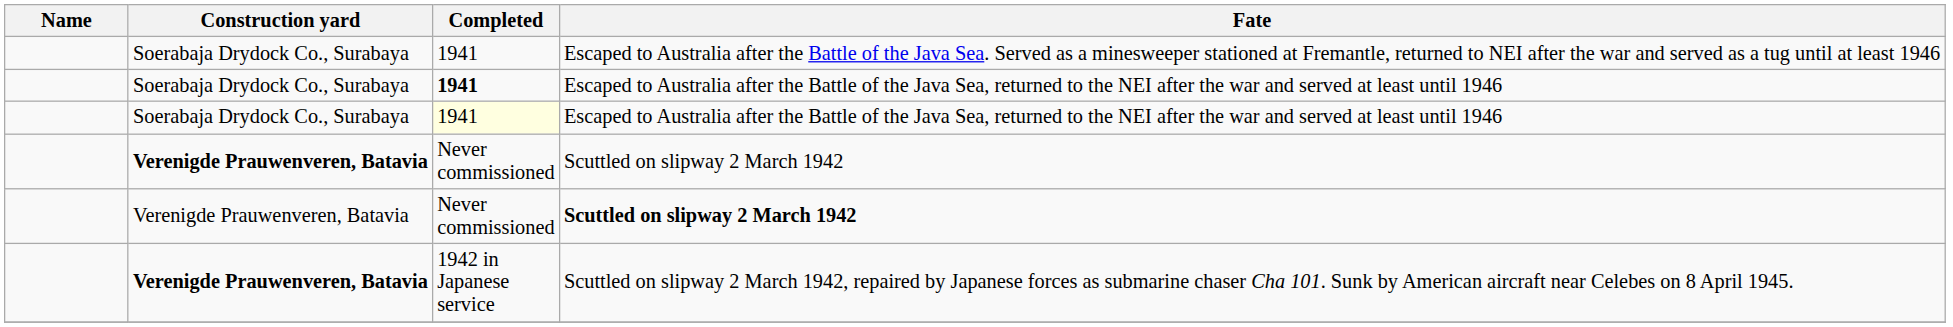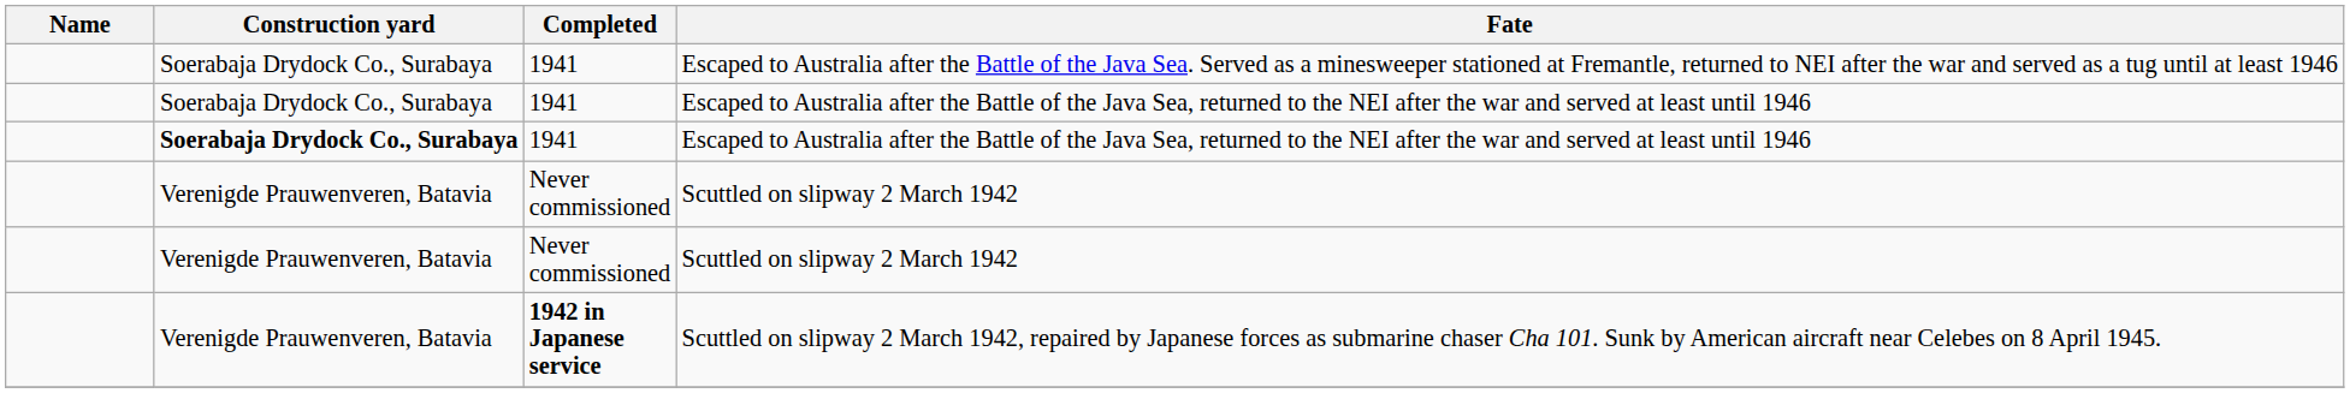 <table class="wikitable">
 <tr>
 <th width="90">Name</th>
 <th>Construction yard</th>
 <th width="90">Completed</th>
 <th>Fate</th>
 </tr>
 <tr>
 <td></td>
 <td>Soerabaja Drydock Co., Surabaya</td>
 <td>1941</td>
 <td>Escaped to Australia after the <a href='#'>Battle of the Java Sea</a>. Served as a minesweeper stationed at Fremantle, returned to NEI after the war and served as a tug until at least 1946</td>
 </tr>
 <tr>
 <td></td>
 <td>Soerabaja Drydock Co., Surabaya</td>
-<td><strong>1941</strong></td>
+<td>1941</td>
 <td>Escaped to Australia after the Battle of the Java Sea, returned to the NEI after the war and served at least until 1946</td>
 </tr>
 <tr>
 <td></td>
-<td>Soerabaja Drydock Co., Surabaya</td>
-<td style="background: lightyellow;">1941</td>
+<td><strong>Soerabaja Drydock Co., Surabaya</strong></td>
+<td>1941</td>
 <td>Escaped to Australia after the Battle of the Java Sea, returned to the NEI after the war and served at least until 1946</td>
 </tr>
 <tr>
 <td></td>
-<td><strong>Verenigde Prauwenveren, Batavia</strong></td>
+<td>Verenigde Prauwenveren, Batavia</td>
 <td>Never commissioned</td>
 <td>Scuttled on slipway 2 March 1942</td>
 </tr>
 <tr>
 <td></td>
 <td>Verenigde Prauwenveren, Batavia</td>
 <td>Never commissioned</td>
-<td><strong>Scuttled on slipway 2 March 1942</strong></td>
+<td>Scuttled on slipway 2 March 1942</td>
 </tr>
 <tr>
 <td></td>
-<td><strong>Verenigde Prauwenveren, Batavia</strong></td>
-<td>1942 in Japanese service</td>
+<td>Verenigde Prauwenveren, Batavia</td>
+<td><strong>1942 in Japanese service</strong></td>
 <td>Scuttled on slipway 2 March 1942, repaired by Japanese forces as submarine chaser <em>Cha 101</em>. Sunk by American aircraft near Celebes on 8 April 1945.</td>
 </tr>
 <tr>
 </tr>
 </table>
